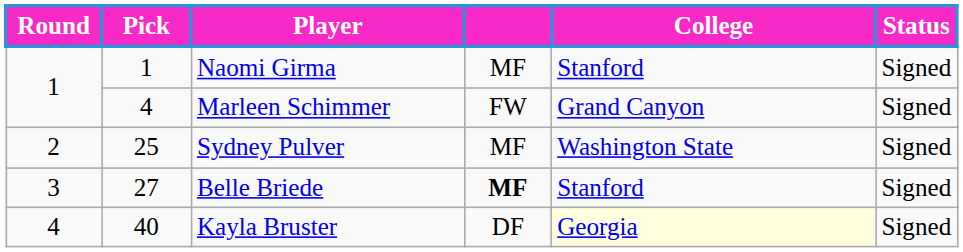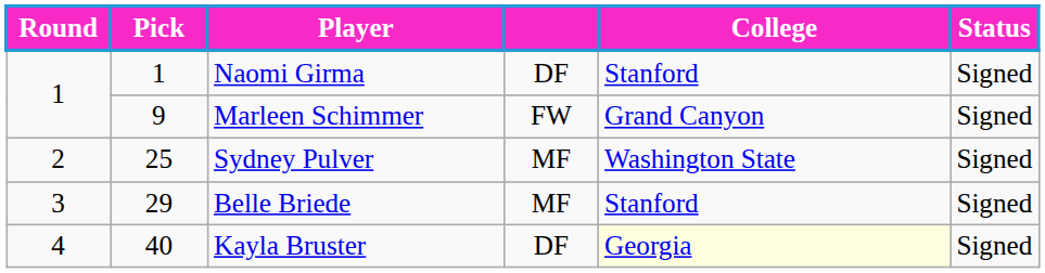 <table class="wikitable" style="text-align:left;">
 <tr>
 <th style="background:#f72ac7; color:#fff; border:2px solid #2597d9; width:55px;">Round</th>
 <th style="background:#f72ac7; color:#fff; border:2px solid #2597d9; width:55px;">Pick</th>
 <th style="background:#f72ac7; color:#fff; border:2px solid #2597d9; width:200px;">Player</th>
 <th style="background:#f72ac7; color:#fff; border:2px solid #2597d9; width:55px;"></th>
 <th style="background:#f72ac7; color:#fff; border:2px solid #2597d9; width:240px;">College</th>
 <th style="background:#f72ac7; color:#fff; border:2px solid #2597d9;">Status</th>
 </tr>
 <tr>
 <td rowspan="2" align="center">1</td>
 <td align="center">1</td>
 <td> <a href='#'>Naomi Girma</a></td>
-<td align="center">MF</td>
+<td align="center">DF</td>
 <td><a href='#'>Stanford</a></td>
 <td>Signed</td>
 </tr>
 <tr>
-<td align="center">4</td>
+<td align="center">9</td>
 <td> <a href='#'>Marleen Schimmer</a></td>
 <td align="center">FW</td>
 <td><a href='#'>Grand Canyon</a></td>
 <td>Signed</td>
 </tr>
 <tr>
 <td align="center">2</td>
 <td align="center">25</td>
 <td> <a href='#'>Sydney Pulver</a></td>
 <td align="center">MF</td>
 <td><a href='#'>Washington State</a></td>
 <td>Signed</td>
 </tr>
 <tr>
 <td align="center">3</td>
-<td align="center">27</td>
+<td align="center">29</td>
 <td> <a href='#'>Belle Briede</a></td>
-<td align="center"><strong>MF</strong></td>
+<td align="center">MF</td>
 <td><a href='#'>Stanford</a></td>
 <td>Signed </td>
 </tr>
 <tr>
 <td align="center">4</td>
 <td align="center">40</td>
 <td> <a href='#'>Kayla Bruster</a></td>
 <td align="center">DF</td>
 <td style="background: lightyellow;"><a href='#'>Georgia</a></td>
 <td>Signed </td>
 </tr>
 </table>
